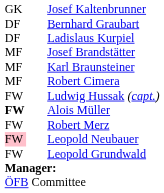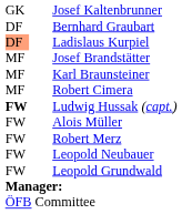 <table cellspacing="0" cellpadding="0" style="font-size:90%; margin:0.2em auto;">
 <tr>
 <th width="25"></th>
 <th width="25"></th>
 </tr>
 <tr>
 <td>GK</td>
 <td></td>
 <td><a href='#'>Josef Kaltenbrunner</a></td>
 </tr>
 <tr>
 <td>DF</td>
 <td></td>
 <td><a href='#'>Bernhard Graubart</a></td>
 </tr>
 <tr>
-<td>DF</td>
+<td style="background: lightsalmon;">DF</td>
 <td></td>
 <td><a href='#'>Ladislaus Kurpiel</a></td>
 </tr>
 <tr>
 <td>MF</td>
 <td></td>
 <td><a href='#'>Josef Brandstätter</a></td>
 </tr>
 <tr>
 <td>MF</td>
 <td></td>
 <td><a href='#'>Karl Braunsteiner</a></td>
 </tr>
 <tr>
 <td>MF</td>
 <td></td>
 <td><a href='#'>Robert Cimera</a></td>
 </tr>
 <tr>
-<td>FW</td>
+<td><strong>FW</strong></td>
 <td></td>
 <td><a href='#'>Ludwig Hussak</a> <em>(<a href='#'>capt.</a>)</em></td>
 </tr>
 <tr>
-<td><strong>FW</strong></td>
+<td>FW</td>
 <td></td>
 <td><a href='#'>Alois Müller</a></td>
 </tr>
 <tr>
 <td>FW</td>
 <td></td>
 <td><a href='#'>Robert Merz</a></td>
 </tr>
 <tr>
-<td style="background: pink;">FW</td>
+<td>FW</td>
 <td></td>
 <td><a href='#'>Leopold Neubauer</a></td>
 </tr>
 <tr>
 <td>FW</td>
 <td></td>
 <td><a href='#'>Leopold Grundwald</a></td>
 </tr>
 <tr>
 <td colspan=3><strong>Manager:</strong></td>
 </tr>
 <tr>
 <td colspan=4> <a href='#'>ÖFB</a> Committee</td>
 </tr>
 </table>
